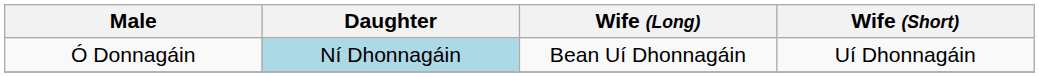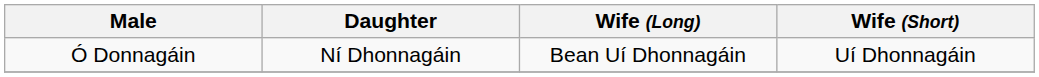 <table class="wikitable" style="text-align:right">
 <tr>
 <th width=20%>Male</th>
 <th width=20%>Daughter</th>
 <th width=20%>Wife <em><small>(Long)</small></em></th>
 <th width=20%>Wife <em><small>(Short)</small></em></th>
 </tr>
 <tr>
 <td align="center">Ó Donnagáin</td>
-<td align="center" style="background: lightblue;">Ní Dhonnagáin</td>
+<td align="center">Ní Dhonnagáin</td>
 <td align="center">Bean Uí Dhonnagáin</td>
 <td align="center">Uí Dhonnagáin</td>
 </tr>
 <tr>
 </tr>
 </table>
